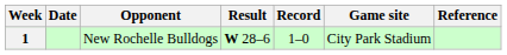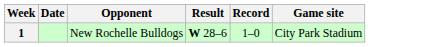 <table class="wikitable" style="text-align:center">
 <tr>
 <th>Week</th>
 <th>Date</th>
 <th>Opponent</th>
 <th>Result</th>
 <th>Record</th>
 <th>Game site</th>
-<th>Reference</th>
 </tr>
 <tr style="background:#cfc">
 <th>1</th>
 <td></td>
 <td>New Rochelle Bulldogs</td>
 <td><strong>W</strong> 28–6</td>
 <td>1–0</td>
 <td>City Park Stadium</td>
-<td></td>
 </tr>
 </table>
